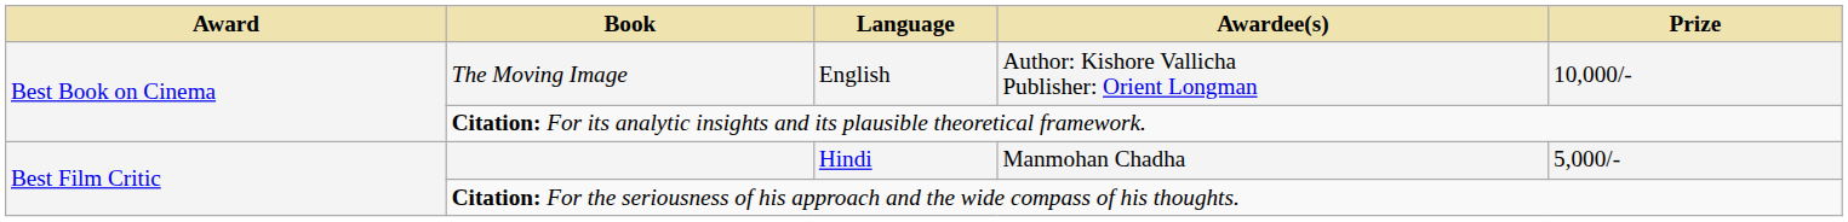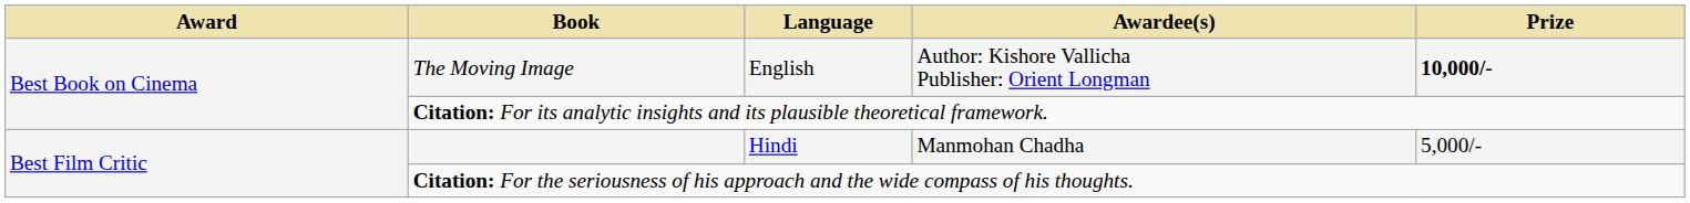 <table class="wikitable" style="width:100%">
 <tr style="background-color:#F4F4F4">
 <th style="background-color:#EFE4B0;width:24%;">Award</th>
 <th style="background-color:#EFE4B0;width:20%;">Book</th>
 <th style="background-color:#EFE4B0;width:10%;">Language</th>
 <th style="background-color:#EFE4B0;width:30%;">Awardee(s)</th>
 <th style="background-color:#EFE4B0;width:16%;">Prize</th>
 </tr>
 <tr style="background-color:#F4F4F4">
 <td rowspan="2"><a href='#'>Best Book on Cinema</a></td>
 <td><em>The Moving Image</em></td>
 <td>English</td>
 <td>Author: Kishore Vallicha<br>Publisher: <a href='#'>Orient Longman</a></td>
-<td> 10,000/-</td>
+<td><strong> 10,000/-</strong></td>
 </tr>
 <tr style="background-color:#F9F9F9">
 <td colspan="4"><strong>Citation:</strong> <em>For its analytic insights and its plausible theoretical framework.</em></td>
 </tr>
 <tr style="background-color:#F4F4F4">
 <td rowspan="2"><a href='#'>Best Film Critic</a></td>
 <td></td>
 <td><a href='#'>Hindi</a></td>
 <td>Manmohan Chadha</td>
 <td> 5,000/-</td>
 </tr>
 <tr style="background-color:#F9F9F9">
 <td colspan="4"><strong>Citation:</strong> <em>For the seriousness of his approach and the wide compass of his thoughts.</em></td>
 </tr>
 </table>
